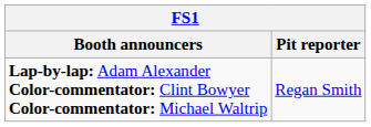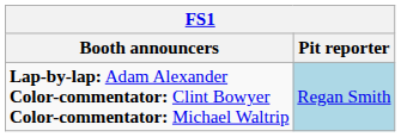 <table class="wikitable">
 <tr>
 <th colspan="2"><a href='#'>FS1</a></th>
 </tr>
 <tr>
 <th>Booth announcers</th>
 <th>Pit reporter</th>
 </tr>
 <tr>
 <td><strong>Lap-by-lap:</strong> <a href='#'>Adam Alexander</a><br><strong>Color-commentator:</strong> <a href='#'>Clint Bowyer</a><br><strong>Color-commentator:</strong> <a href='#'>Michael Waltrip</a></td>
-<td><a href='#'>Regan Smith</a></td>
+<td style="background: lightblue;"><a href='#'>Regan Smith</a></td>
 </tr>
 </table>
